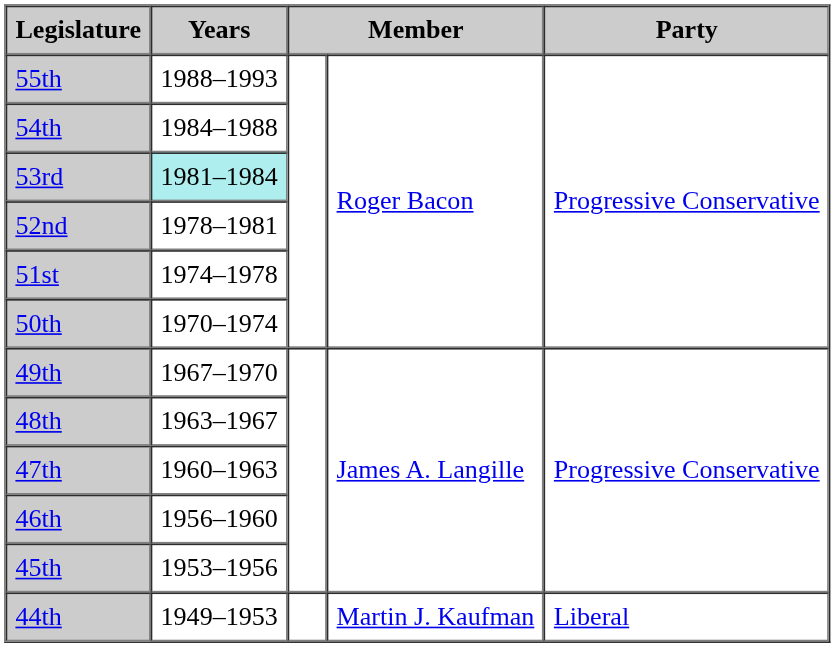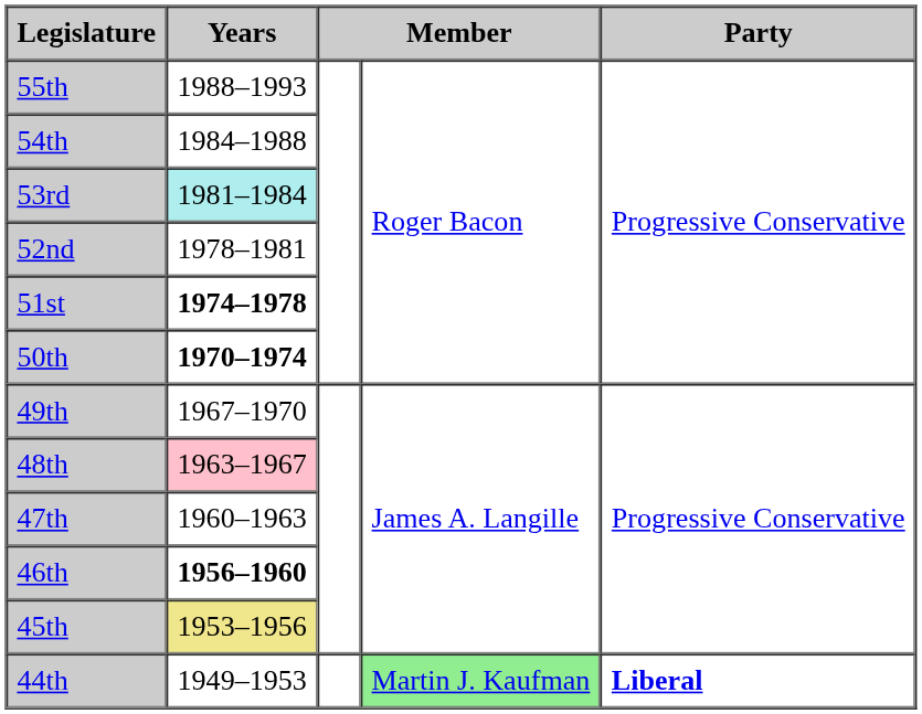 <table border=1 cellpadding=5 cellspacing=0>
 <tr bgcolor="CCCCCC">
 <th>Legislature</th>
 <th>Years</th>
 <th colspan="2">Member</th>
 <th>Party</th>
 </tr>
 <tr>
 <td bgcolor="CCCCCC"><a href='#'>55th</a></td>
 <td>1988–1993</td>
 <td rowspan="6" >   </td>
 <td rowspan="6"><a href='#'>Roger Bacon</a></td>
 <td rowspan="6"><a href='#'>Progressive Conservative</a></td>
 </tr>
 <tr>
 <td bgcolor="CCCCCC"><a href='#'>54th</a></td>
 <td>1984–1988</td>
 </tr>
 <tr>
 <td bgcolor="CCCCCC"><a href='#'>53rd</a></td>
 <td style="background: paleturquoise;">1981–1984</td>
 </tr>
 <tr>
 <td bgcolor="CCCCCC"><a href='#'>52nd</a></td>
 <td>1978–1981</td>
 </tr>
 <tr>
 <td bgcolor="CCCCCC"><a href='#'>51st</a></td>
-<td>1974–1978</td>
+<td><strong>1974–1978</strong></td>
 </tr>
 <tr>
 <td bgcolor="CCCCCC"><a href='#'>50th</a></td>
-<td>1970–1974</td>
+<td><strong>1970–1974</strong></td>
 </tr>
 <tr>
 <td bgcolor="CCCCCC"><a href='#'>49th</a></td>
 <td>1967–1970</td>
 <td rowspan="5" ></td>
 <td rowspan="5"><a href='#'>James A. Langille</a></td>
 <td rowspan="5"><a href='#'>Progressive Conservative</a></td>
 </tr>
 <tr>
 <td bgcolor="CCCCCC"><a href='#'>48th</a></td>
-<td>1963–1967</td>
+<td style="background: pink;">1963–1967</td>
 </tr>
 <tr>
 <td bgcolor="CCCCCC"><a href='#'>47th</a></td>
 <td>1960–1963</td>
 </tr>
 <tr>
 <td bgcolor="CCCCCC"><a href='#'>46th</a></td>
-<td>1956–1960</td>
+<td><strong>1956–1960</strong></td>
 </tr>
 <tr>
 <td bgcolor="CCCCCC"><a href='#'>45th</a></td>
-<td>1953–1956</td>
+<td style="background: khaki;">1953–1956</td>
 </tr>
 <tr>
 <td bgcolor="CCCCCC"><a href='#'>44th</a></td>
 <td>1949–1953</td>
 <td rowspan="1" ></td>
-<td rowspan="1"><a href='#'>Martin J. Kaufman</a></td>
-<td rowspan="1"><a href='#'>Liberal</a></td>
+<td rowspan="1" style="background: lightgreen;"><a href='#'>Martin J. Kaufman</a></td>
+<td rowspan="1"><strong><a href='#'>Liberal</a></strong></td>
 </tr>
 </table>
